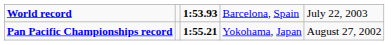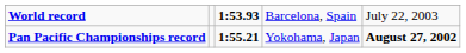 <table class="wikitable">
 <tr>
 <td><strong><a href='#'>World record</a></strong></td>
 <td></td>
 <td><strong>1:53.93</strong></td>
 <td><a href='#'>Barcelona</a>, <a href='#'>Spain</a></td>
 <td>July 22, 2003</td>
 </tr>
 <tr>
 <td><strong><a href='#'>Pan Pacific Championships record</a></strong></td>
 <td></td>
 <td><strong>1:55.21</strong></td>
 <td><a href='#'>Yokohama</a>, <a href='#'>Japan</a></td>
-<td>August 27, 2002</td>
+<td><strong>August 27, 2002</strong></td>
 </tr>
 </table>
